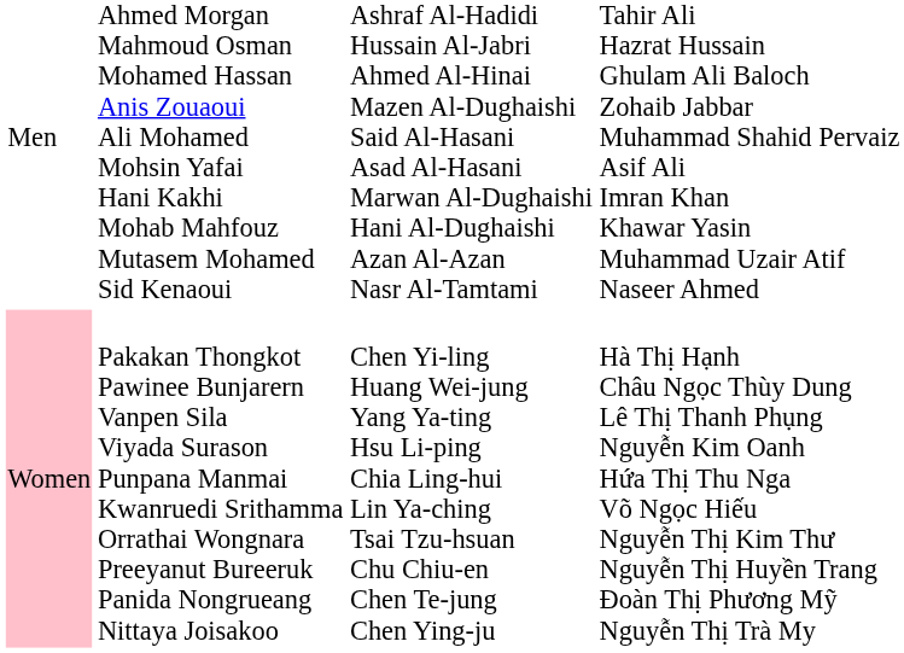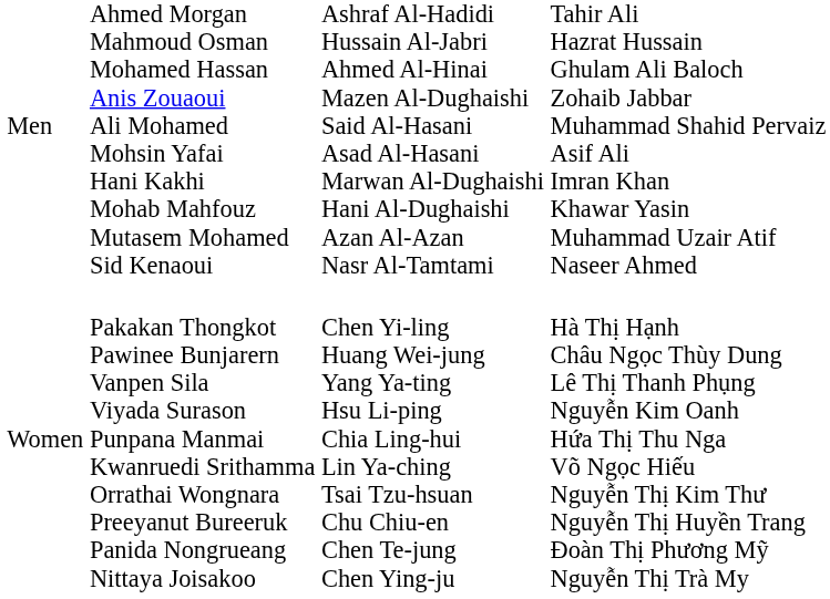 <table>
 <tr>
 <td>Men</td>
 <td><br>Ahmed Morgan<br>Mahmoud Osman<br>Mohamed Hassan<br><a href='#'>Anis Zouaoui</a><br>Ali Mohamed<br>Mohsin Yafai<br>Hani Kakhi<br>Mohab Mahfouz<br>Mutasem Mohamed<br>Sid Kenaoui</td>
 <td><br>Ashraf Al-Hadidi<br>Hussain Al-Jabri<br>Ahmed Al-Hinai<br>Mazen Al-Dughaishi<br>Said Al-Hasani<br>Asad Al-Hasani<br>Marwan Al-Dughaishi<br>Hani Al-Dughaishi<br>Azan Al-Azan<br>Nasr Al-Tamtami</td>
 <td><br>Tahir Ali<br>Hazrat Hussain<br>Ghulam Ali Baloch<br>Zohaib Jabbar<br>Muhammad Shahid Pervaiz<br>Asif Ali<br>Imran Khan<br>Khawar Yasin<br>Muhammad Uzair Atif<br>Naseer Ahmed</td>
 </tr>
 <tr>
-<td style="background: pink;">Women</td>
+<td>Women</td>
 <td><br>Pakakan Thongkot<br>Pawinee Bunjarern<br>Vanpen Sila<br>Viyada Surason<br>Punpana Manmai<br>Kwanruedi Srithamma<br>Orrathai Wongnara<br>Preeyanut Bureeruk<br>Panida Nongrueang<br>Nittaya Joisakoo</td>
 <td><br>Chen Yi-ling<br>Huang Wei-jung<br>Yang Ya-ting<br>Hsu Li-ping<br>Chia Ling-hui<br>Lin Ya-ching<br>Tsai Tzu-hsuan<br>Chu Chiu-en<br>Chen Te-jung<br>Chen Ying-ju</td>
 <td><br>Hà Thị Hạnh<br>Châu Ngọc Thùy Dung<br>Lê Thị Thanh Phụng<br>Nguyễn Kim Oanh<br>Hứa Thị Thu Nga<br>Võ Ngọc Hiếu<br>Nguyễn Thị Kim Thư<br>Nguyễn Thị Huyền Trang<br>Đoàn Thị Phương Mỹ<br>Nguyễn Thị Trà My</td>
 </tr>
 </table>
